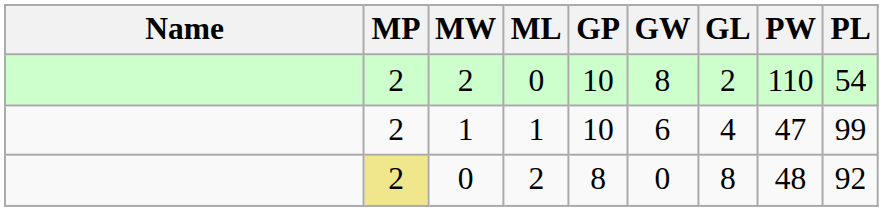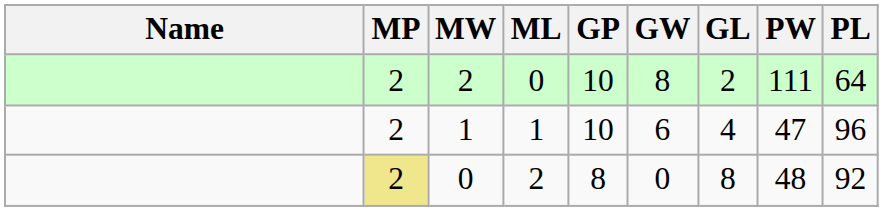 <table class=wikitable style="text-align:center">
 <tr>
 <th width=175>Name</th>
 <th width=20>MP</th>
 <th width=20>MW</th>
 <th width=20>ML</th>
 <th width=20>GP</th>
 <th width=20>GW</th>
 <th width=20>GL</th>
 <th width=20>PW</th>
 <th width=20>PL</th>
 </tr>
 <tr style="background-color:#ccffcc;">
 <td style="text-align:left;"><strong></strong></td>
 <td>2</td>
 <td>2</td>
 <td>0</td>
 <td>10</td>
 <td>8</td>
 <td>2</td>
-<td>110</td>
-<td>54</td>
+<td>111</td>
+<td>64</td>
 </tr>
 <tr>
 <td style="text-align:left;"></td>
 <td>2</td>
 <td>1</td>
 <td>1</td>
 <td>10</td>
 <td>6</td>
 <td>4</td>
 <td>47</td>
-<td>99</td>
+<td>96</td>
 </tr>
 <tr>
 <td style="text-align:left;"></td>
 <td style="background: khaki;">2</td>
 <td>0</td>
 <td>2</td>
 <td>8</td>
 <td>0</td>
 <td>8</td>
 <td>48</td>
 <td>92</td>
 </tr>
 </table>
